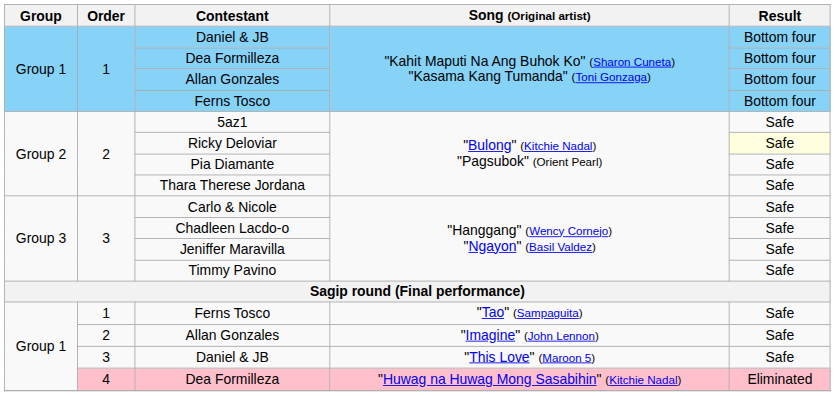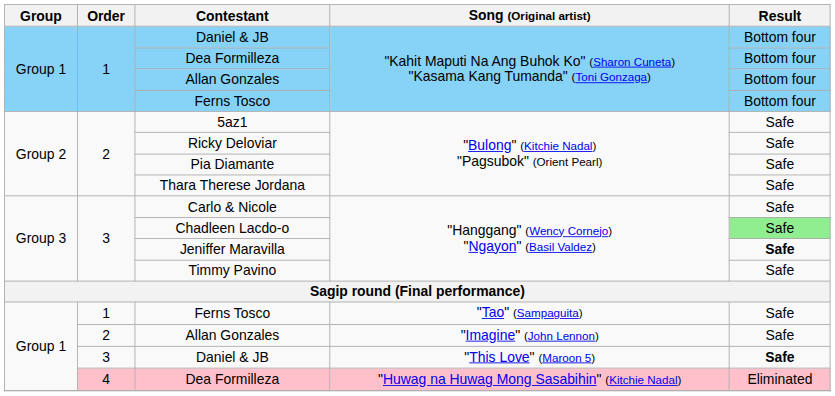 <table class="wikitable" style="text-align:center; font-size:100%; line-height:17px;"  width="60%">
 <tr>
 <th scope="col">Group</th>
 <th>Order</th>
 <th>Contestant</th>
 <th>Song <small>(Original artist)</small></th>
 <th>Result</th>
 </tr>
 <tr style="background:#87D3F8;">
 <td rowspan="4">Group 1</td>
 <td rowspan="4">1</td>
 <td>Daniel & JB</td>
 <td rowspan="4">"Kahit Maputi Na Ang Buhok Ko" <small>(<a href='#'>Sharon Cuneta</a>)</small><br>"Kasama Kang Tumanda" <small>(<a href='#'>Toni Gonzaga</a>)</small></td>
 <td>Bottom four</td>
 </tr>
 <tr style="background:#87D3F8;">
 <td>Dea Formilleza</td>
 <td>Bottom four</td>
 </tr>
 <tr style="background:#87D3F8;">
 <td>Allan Gonzales</td>
 <td>Bottom four</td>
 </tr>
 <tr style="background:#87D3F8;">
 <td>Ferns Tosco</td>
 <td>Bottom four</td>
 </tr>
 <tr>
 <td rowspan="4">Group 2</td>
 <td rowspan="4">2</td>
 <td>5az1</td>
 <td rowspan="4">"<a href='#'>Bulong</a>" <small>(<a href='#'>Kitchie Nadal</a>)</small><br>"Pagsubok" <small>(Orient Pearl)</small></td>
 <td>Safe</td>
 </tr>
 <tr>
 <td>Ricky Deloviar</td>
-<td style="background: lightyellow;">Safe</td>
+<td>Safe</td>
 </tr>
 <tr>
 <td>Pia Diamante</td>
 <td>Safe</td>
 </tr>
 <tr>
 <td>Thara Therese Jordana</td>
 <td>Safe</td>
 </tr>
 <tr>
 <td rowspan="4">Group 3</td>
 <td rowspan="4">3</td>
 <td>Carlo & Nicole</td>
 <td rowspan="4">"Hanggang" <small>(<a href='#'>Wency Cornejo</a>)</small><br>"<a href='#'>Ngayon</a>" <small>(<a href='#'>Basil Valdez</a>)</small></td>
 <td>Safe</td>
 </tr>
 <tr>
 <td>Chadleen Lacdo-o</td>
-<td>Safe</td>
+<td style="background: lightgreen;">Safe</td>
 </tr>
 <tr>
 <td>Jeniffer Maravilla</td>
-<td>Safe</td>
+<td><strong>Safe</strong></td>
 </tr>
 <tr>
 <td>Timmy Pavino</td>
 <td>Safe</td>
 </tr>
 <tr>
 <th colspan="5">Sagip round (Final performance)</th>
 </tr>
 <tr>
 <td rowspan="4">Group 1</td>
 <td>1</td>
 <td>Ferns Tosco</td>
 <td>"<a href='#'>Tao</a>" <small>(<a href='#'>Sampaguita</a>)</small></td>
 <td>Safe</td>
 </tr>
 <tr>
 <td>2</td>
 <td>Allan Gonzales</td>
 <td>"<a href='#'>Imagine</a>" <small>(<a href='#'>John Lennon</a>)</small></td>
 <td>Safe</td>
 </tr>
 <tr>
 <td>3</td>
 <td>Daniel & JB</td>
 <td>"<a href='#'>This Love</a>" <small>(<a href='#'>Maroon 5</a>)</small></td>
-<td>Safe</td>
+<td><strong>Safe</strong></td>
 </tr>
 <tr style="background:pink;">
 <td>4</td>
 <td>Dea Formilleza</td>
 <td>"<a href='#'>Huwag na Huwag Mong Sasabihin</a>" <small>(<a href='#'>Kitchie Nadal</a>)</small></td>
 <td>Eliminated</td>
 </tr>
 <tr>
 </tr>
 </table>
